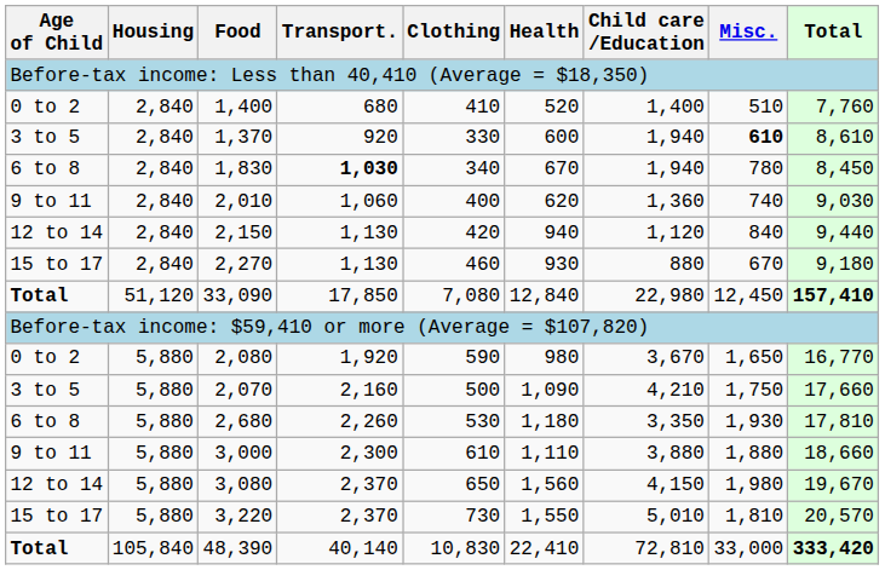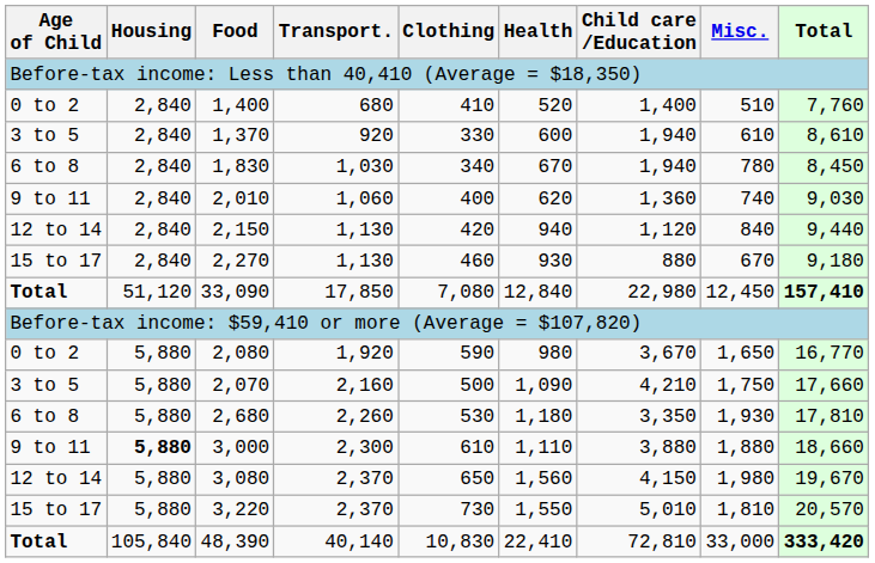 <table class="wikitable" style="text-align: right;">
 <tr>
 <th>Age<br>of Child</th>
 <th data-sort-type="number">Housing</th>
 <th data-sort-type="number">Food</th>
 <th data-sort-type="number">Transport.</th>
 <th data-sort-type="number">Clothing</th>
 <th data-sort-type="number">Health</th>
 <th data-sort-type="number">Child care<br>/Education</th>
 <th data-sort-type="number"><a href='#'>Misc.</a></th>
 <th style="background-color: #dfd;" data-sort-type="number">Total</th>
 </tr>
 <tr>
 <td colspan=9 style="background-color:lightblue;" align="left">Before-tax income: Less than 40,410 (Average = $18,350)</td>
 </tr>
 <tr>
 <td align="left">0 to 2</td>
 <td>2,840</td>
 <td>1,400</td>
 <td>680</td>
 <td>410</td>
 <td>520</td>
 <td>1,400</td>
 <td>510</td>
 <td style="background-color: #dfd;">7,760</td>
 </tr>
 <tr>
 <td align="left">3 to 5</td>
 <td>2,840</td>
 <td>1,370</td>
 <td>920</td>
 <td>330</td>
 <td>600</td>
 <td>1,940</td>
-<td><strong>610</strong></td>
+<td>610</td>
 <td style="background-color: #dfd;">8,610</td>
 </tr>
 <tr>
 <td align="left">6 to 8</td>
 <td>2,840</td>
 <td>1,830</td>
-<td><strong>1,030</strong></td>
+<td>1,030</td>
 <td>340</td>
 <td>670</td>
 <td>1,940</td>
 <td>780</td>
 <td style="background-color: #dfd;">8,450</td>
 </tr>
 <tr>
 <td align="left">9 to 11</td>
 <td>2,840</td>
 <td>2,010</td>
 <td>1,060</td>
 <td>400</td>
 <td>620</td>
 <td>1,360</td>
 <td>740</td>
 <td style="background-color: #dfd;">9,030</td>
 </tr>
 <tr>
 <td align="left">12 to 14</td>
 <td>2,840</td>
 <td>2,150</td>
 <td>1,130</td>
 <td>420</td>
 <td>940</td>
 <td>1,120</td>
 <td>840</td>
 <td style="background-color: #dfd;">9,440</td>
 </tr>
 <tr>
 <td align="left">15 to 17</td>
 <td>2,840</td>
 <td>2,270</td>
 <td>1,130</td>
 <td>460</td>
 <td>930</td>
 <td>880</td>
 <td>670</td>
 <td style="background-color: #dfd;">9,180</td>
 </tr>
 <tr>
 <td align="left"><strong>Total</strong></td>
 <td>51,120</td>
 <td>33,090</td>
 <td>17,850</td>
 <td>7,080</td>
 <td>12,840</td>
 <td>22,980</td>
 <td>12,450</td>
 <td style="background-color: #dfd;"><strong>157,410</strong></td>
 </tr>
 <tr>
 <td colspan=9 style="background-color:lightblue;" align="left">Before-tax income: $59,410 or more (Average = $107,820)</td>
 </tr>
 <tr>
 <td align="left">0 to 2</td>
 <td>5,880</td>
 <td>2,080</td>
 <td>1,920</td>
 <td>590</td>
 <td>980</td>
 <td>3,670</td>
 <td>1,650</td>
 <td style="background-color: #dfd;">16,770</td>
 </tr>
 <tr>
 <td align="left">3 to 5</td>
 <td>5,880</td>
 <td>2,070</td>
 <td>2,160</td>
 <td>500</td>
 <td>1,090</td>
 <td>4,210</td>
 <td>1,750</td>
 <td style="background-color: #dfd;">17,660</td>
 </tr>
 <tr>
 <td align="left">6 to 8</td>
 <td>5,880</td>
 <td>2,680</td>
 <td>2,260</td>
 <td>530</td>
 <td>1,180</td>
 <td>3,350</td>
 <td>1,930</td>
 <td style="background-color: #dfd;">17,810</td>
 </tr>
 <tr>
 <td align="left">9 to 11</td>
-<td>5,880</td>
+<td><strong>5,880</strong></td>
 <td>3,000</td>
 <td>2,300</td>
 <td>610</td>
 <td>1,110</td>
 <td>3,880</td>
 <td>1,880</td>
 <td style="background-color: #dfd;">18,660</td>
 </tr>
 <tr>
 <td align="left">12 to 14</td>
 <td>5,880</td>
 <td>3,080</td>
 <td>2,370</td>
 <td>650</td>
 <td>1,560</td>
 <td>4,150</td>
 <td>1,980</td>
 <td style="background-color: #dfd;">19,670</td>
 </tr>
 <tr>
 <td align="left">15 to 17</td>
 <td>5,880</td>
 <td>3,220</td>
 <td>2,370</td>
 <td>730</td>
 <td>1,550</td>
 <td>5,010</td>
 <td>1,810</td>
 <td style="background-color: #dfd;">20,570</td>
 </tr>
 <tr>
 <td align="left"><strong>Total</strong></td>
 <td>105,840</td>
 <td>48,390</td>
 <td>40,140</td>
 <td>10,830</td>
 <td>22,410</td>
 <td>72,810</td>
 <td>33,000</td>
 <td style="background-color: #dfd;"><strong>333,420</strong></td>
 </tr>
 </table>
